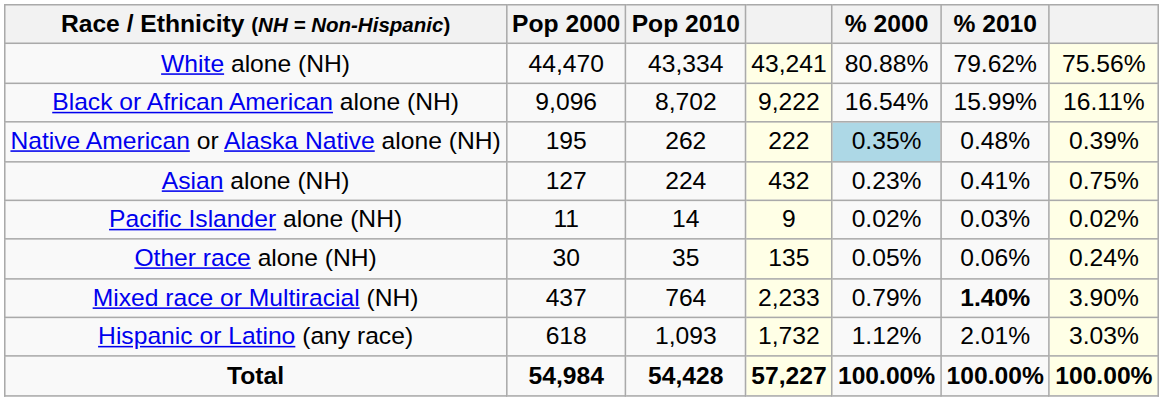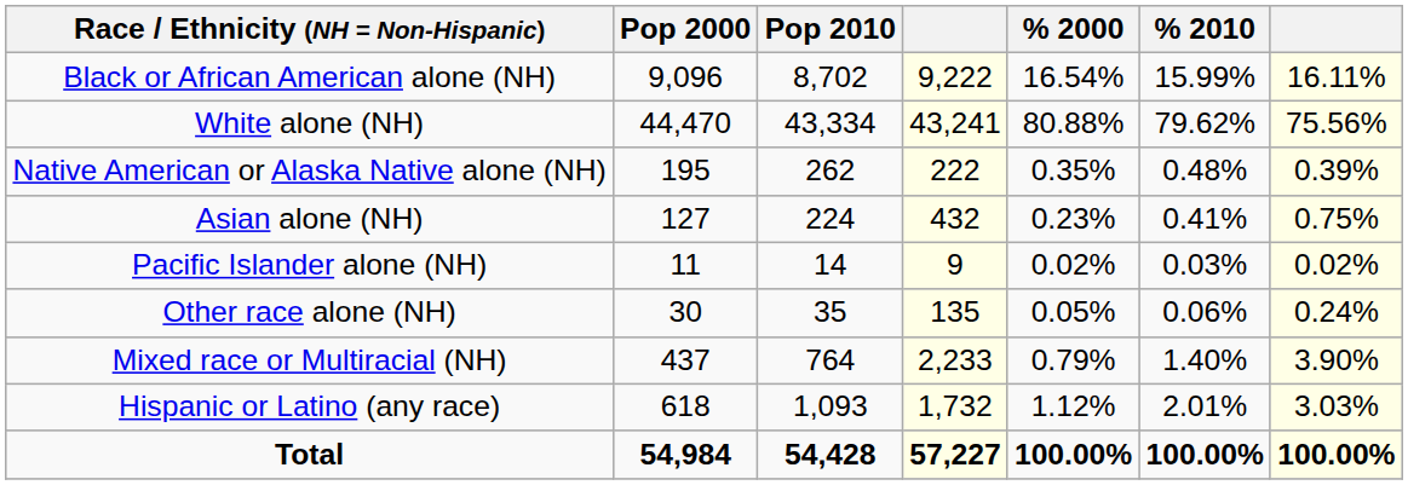 <table class="wikitable" style="text-align:center;">
 <tr>
 <th>Race / Ethnicity <small>(<em>NH = Non-Hispanic</em>)</small></th>
 <th>Pop 2000</th>
 <th>Pop 2010</th>
 <th></th>
 <th>% 2000</th>
 <th>% 2010</th>
 <th></th>
 </tr>
 <tr>
+<td><a href='#'>Black or African American</a> alone (NH)</td>
+<td>9,096</td>
+<td>8,702</td>
+<td style='background: #ffffe6;'>9,222</td>
+<td>16.54%</td>
+<td>15.99%</td>
+<td style='background: #ffffe6;'>16.11%</td>
+</tr>
+<tr>
 <td><a href='#'>White</a> alone (NH)</td>
 <td>44,470</td>
 <td>43,334</td>
 <td style='background: #ffffe6;'>43,241</td>
 <td>80.88%</td>
 <td>79.62%</td>
 <td style='background: #ffffe6;'>75.56%</td>
 </tr>
 <tr>
-<td><a href='#'>Black or African American</a> alone (NH)</td>
-<td>9,096</td>
-<td>8,702</td>
-<td style='background: #ffffe6;'>9,222</td>
-<td>16.54%</td>
-<td>15.99%</td>
-<td style='background: #ffffe6;'>16.11%</td>
-</tr>
-<tr>
 <td><a href='#'>Native American</a> or <a href='#'>Alaska Native</a> alone (NH)</td>
 <td>195</td>
 <td>262</td>
 <td style='background: #ffffe6;'>222</td>
-<td style="background: lightblue;">0.35%</td>
+<td>0.35%</td>
 <td>0.48%</td>
 <td style='background: #ffffe6;'>0.39%</td>
 </tr>
 <tr>
 <td><a href='#'>Asian</a> alone (NH)</td>
 <td>127</td>
 <td>224</td>
 <td style='background: #ffffe6;'>432</td>
 <td>0.23%</td>
 <td>0.41%</td>
 <td style='background: #ffffe6;'>0.75%</td>
 </tr>
 <tr>
 <td><a href='#'>Pacific Islander</a> alone (NH)</td>
 <td>11</td>
 <td>14</td>
 <td style='background: #ffffe6;'>9</td>
 <td>0.02%</td>
 <td>0.03%</td>
 <td style='background: #ffffe6;'>0.02%</td>
 </tr>
 <tr>
 <td><a href='#'>Other race</a> alone (NH)</td>
 <td>30</td>
 <td>35</td>
 <td style='background: #ffffe6;'>135</td>
 <td>0.05%</td>
 <td>0.06%</td>
 <td style='background: #ffffe6;'>0.24%</td>
 </tr>
 <tr>
 <td><a href='#'>Mixed race or Multiracial</a> (NH)</td>
 <td>437</td>
 <td>764</td>
 <td style='background: #ffffe6;'>2,233</td>
 <td>0.79%</td>
-<td><strong>1.40%</strong></td>
+<td>1.40%</td>
 <td style='background: #ffffe6;'>3.90%</td>
 </tr>
 <tr>
 <td><a href='#'>Hispanic or Latino</a> (any race)</td>
 <td>618</td>
 <td>1,093</td>
 <td style='background: #ffffe6;'>1,732</td>
 <td>1.12%</td>
 <td>2.01%</td>
 <td style='background: #ffffe6;'>3.03%</td>
 </tr>
 <tr>
 <td><strong>Total</strong></td>
 <td><strong>54,984</strong></td>
 <td><strong>54,428</strong></td>
 <td style='background: #ffffe6;'><strong>57,227</strong></td>
 <td><strong>100.00%</strong></td>
 <td><strong>100.00%</strong></td>
 <td style='background: #ffffe6;'><strong>100.00%</strong></td>
 </tr>
 </table>
